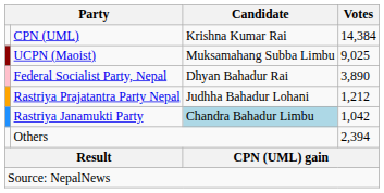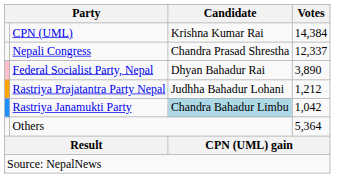 <table class="wikitable">
 <tr>
 <th colspan="2">Party</th>
 <th>Candidate</th>
 <th>Votes</th>
 </tr>
 <tr>
 <td style="background-color:"></td>
 <td><a href='#'>CPN (UML)</a></td>
 <td>Krishna Kumar Rai</td>
 <td>14,384</td>
 </tr>
 <tr>
-<td style="background-color:darkred"></td>
-<td><a href='#'>UCPN (Maoist)</a></td>
-<td>Muksamahang Subba Limbu</td>
-<td>9,025</td>
+<td style="background-color:"></td>
+<td><a href='#'>Nepali Congress</a></td>
+<td>Chandra Prasad Shrestha</td>
+<td>12,337</td>
 </tr>
 <tr>
 <td style="background-color:pink"></td>
 <td><a href='#'>Federal Socialist Party, Nepal</a></td>
 <td>Dhyan Bahadur Rai</td>
 <td>3,890</td>
 </tr>
 <tr>
 <td style="background-color:orange"></td>
 <td><a href='#'>Rastriya Prajatantra Party Nepal</a></td>
 <td>Judhha Bahadur Lohani</td>
 <td>1,212</td>
 </tr>
 <tr>
 <td style="background-color:dodgerblue"></td>
 <td><a href='#'>Rastriya Janamukti Party</a></td>
 <td style="background: lightblue;">Chandra Bahadur Limbu</td>
 <td>1,042</td>
 </tr>
 <tr>
 <td></td>
 <td colspan="2">Others</td>
-<td>2,394</td>
+<td>5,364</td>
 </tr>
 <tr>
 <th colspan="2">Result</th>
 <th colspan="2">CPN (UML) gain</th>
 </tr>
 <tr>
 <td colspan="4">Source: NepalNews</td>
 </tr>
 </table>
